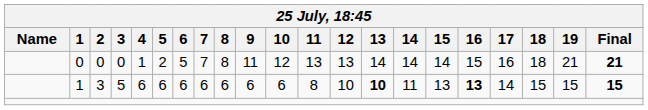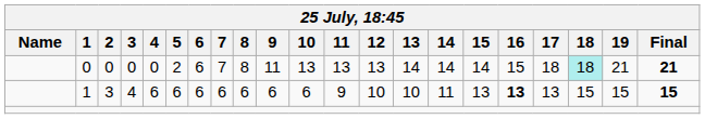 <table class=wikitable style="text-align:center; width: 55%">
 <tr>
 <th colspan=21><em>25 July, 18:45</em></th>
 </tr>
 <tr>
 <th>Name</th>
 <th>1</th>
 <th>2</th>
 <th>3</th>
 <th>4</th>
 <th>5</th>
 <th>6</th>
 <th>7</th>
 <th>8</th>
 <th>9</th>
 <th>10</th>
 <th>11</th>
 <th>12</th>
 <th>13</th>
 <th>14</th>
 <th>15</th>
 <th>16</th>
 <th>17</th>
 <th>18</th>
 <th>19</th>
 <th>Final</th>
 </tr>
 <tr>
 <td align=left><strong></strong></td>
 <td>0</td>
 <td>0</td>
 <td>0</td>
-<td>1</td>
+<td>0</td>
 <td>2</td>
-<td>5</td>
+<td>6</td>
 <td>7</td>
 <td>8</td>
 <td>11</td>
-<td>12</td>
+<td>13</td>
 <td>13</td>
 <td>13</td>
 <td>14</td>
 <td>14</td>
 <td>14</td>
 <td>15</td>
-<td>16</td>
 <td>18</td>
+<td style="background: paleturquoise;">18</td>
 <td>21</td>
 <td><strong>21</strong></td>
 </tr>
 <tr>
 <td align=left></td>
 <td>1</td>
 <td>3</td>
-<td>5</td>
+<td>4</td>
 <td>6</td>
 <td>6</td>
 <td>6</td>
 <td>6</td>
 <td>6</td>
 <td>6</td>
 <td>6</td>
-<td>8</td>
+<td>9</td>
 <td>10</td>
-<td><strong>10</strong></td>
+<td>10</td>
 <td>11</td>
 <td>13</td>
 <td><strong>13</strong></td>
-<td>14</td>
+<td>13</td>
 <td>15</td>
 <td>15</td>
 <td><strong>15</strong></td>
 </tr>
 <tr>
 <td colspan=21></td>
 </tr>
 </table>
